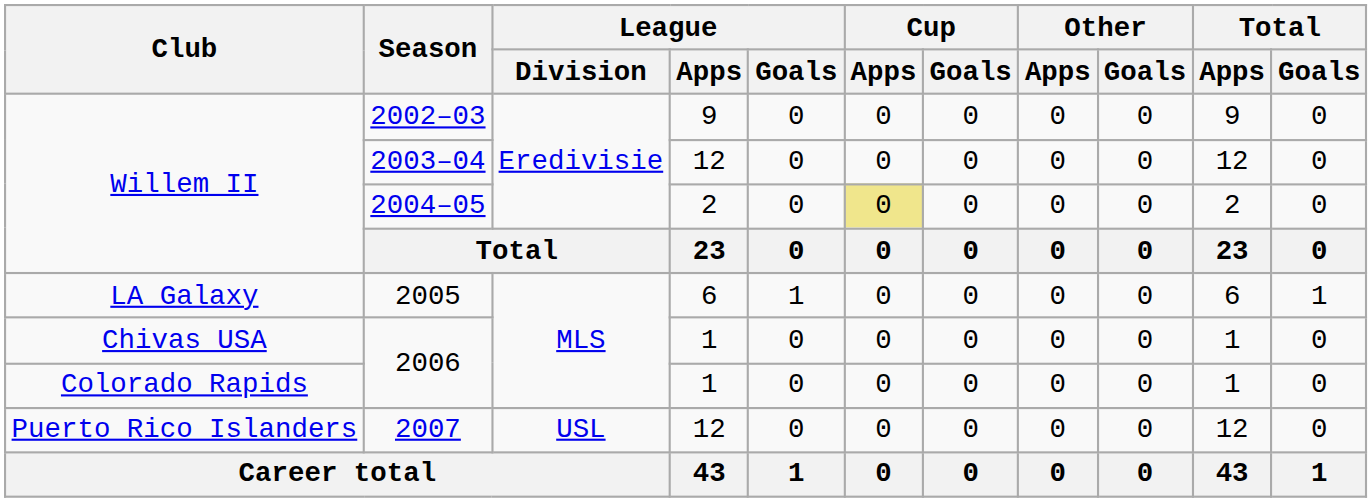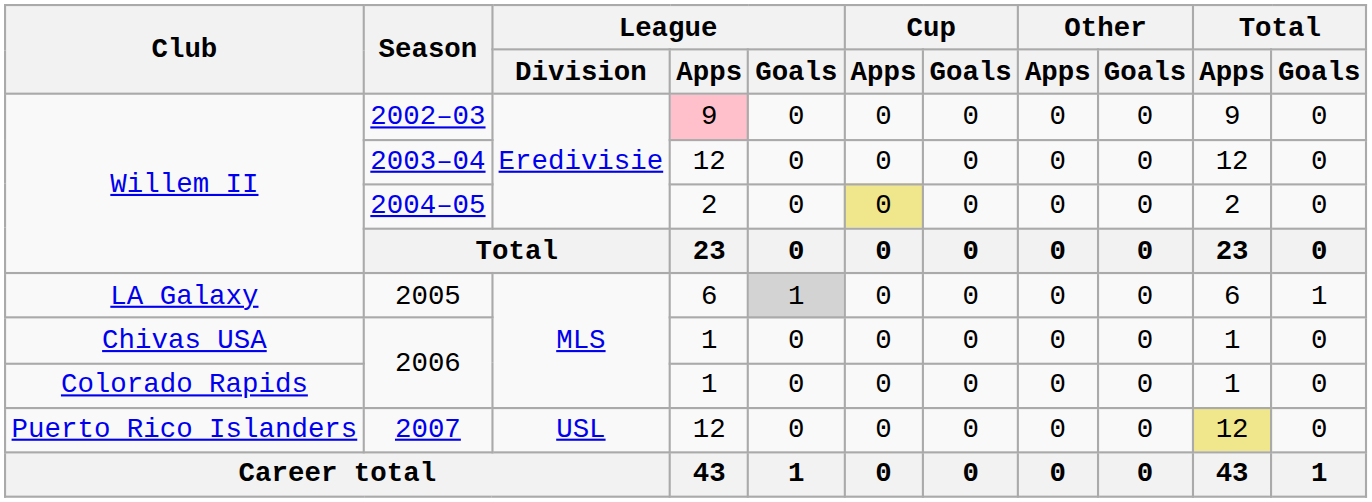 <table class="wikitable" style="text-align: center">
 <tr>
 <th rowspan="2">Club</th>
 <th rowspan="2">Season</th>
 <th colspan="3">League</th>
 <th colspan="2">Cup</th>
 <th colspan="2">Other</th>
 <th colspan="2">Total</th>
 </tr>
 <tr>
 <th>Division</th>
 <th>Apps</th>
 <th>Goals</th>
 <th>Apps</th>
 <th>Goals</th>
 <th>Apps</th>
 <th>Goals</th>
 <th>Apps</th>
 <th>Goals</th>
 </tr>
 <tr>
 <td rowspan="4"><a href='#'>Willem II</a></td>
 <td><a href='#'>2002–03</a></td>
 <td rowspan="3"><a href='#'>Eredivisie</a></td>
-<td>9</td>
+<td style="background: pink;">9</td>
 <td>0</td>
 <td>0</td>
 <td>0</td>
 <td>0</td>
 <td>0</td>
 <td>9</td>
 <td>0</td>
 </tr>
 <tr>
 <td><a href='#'>2003–04</a></td>
 <td>12</td>
 <td>0</td>
 <td>0</td>
 <td>0</td>
 <td>0</td>
 <td>0</td>
 <td>12</td>
 <td>0</td>
 </tr>
 <tr>
 <td><a href='#'>2004–05</a></td>
 <td>2</td>
 <td>0</td>
 <td style="background: khaki;">0</td>
 <td>0</td>
 <td>0</td>
 <td>0</td>
 <td>2</td>
 <td>0</td>
 </tr>
 <tr>
 <th colspan="2"><strong>Total</strong></th>
 <th>23</th>
 <th>0</th>
 <th>0</th>
 <th>0</th>
 <th>0</th>
 <th>0</th>
 <th>23</th>
 <th>0</th>
 </tr>
 <tr>
 <td><a href='#'>LA Galaxy</a></td>
 <td>2005</td>
 <td rowspan="3"><a href='#'>MLS</a></td>
 <td>6</td>
-<td>1</td>
+<td style="background: lightgrey;">1</td>
 <td>0</td>
 <td>0</td>
 <td>0</td>
 <td>0</td>
 <td>6</td>
 <td>1</td>
 </tr>
 <tr>
 <td><a href='#'>Chivas USA</a></td>
 <td rowspan="2">2006</td>
 <td>1</td>
 <td>0</td>
 <td>0</td>
 <td>0</td>
 <td>0</td>
 <td>0</td>
 <td>1</td>
 <td>0</td>
 </tr>
 <tr>
 <td><a href='#'>Colorado Rapids</a></td>
 <td>1</td>
 <td>0</td>
 <td>0</td>
 <td>0</td>
 <td>0</td>
 <td>0</td>
 <td>1</td>
 <td>0</td>
 </tr>
 <tr>
 <td><a href='#'>Puerto Rico Islanders</a></td>
 <td><a href='#'>2007</a></td>
 <td><a href='#'>USL</a></td>
 <td>12</td>
 <td>0</td>
 <td>0</td>
 <td>0</td>
 <td>0</td>
 <td>0</td>
-<td>12</td>
+<td style="background: khaki;">12</td>
 <td>0</td>
 </tr>
 <tr>
 <th colspan="3"><strong>Career total</strong></th>
 <th>43</th>
 <th>1</th>
 <th>0</th>
 <th>0</th>
 <th>0</th>
 <th>0</th>
 <th>43</th>
 <th>1</th>
 </tr>
 </table>
